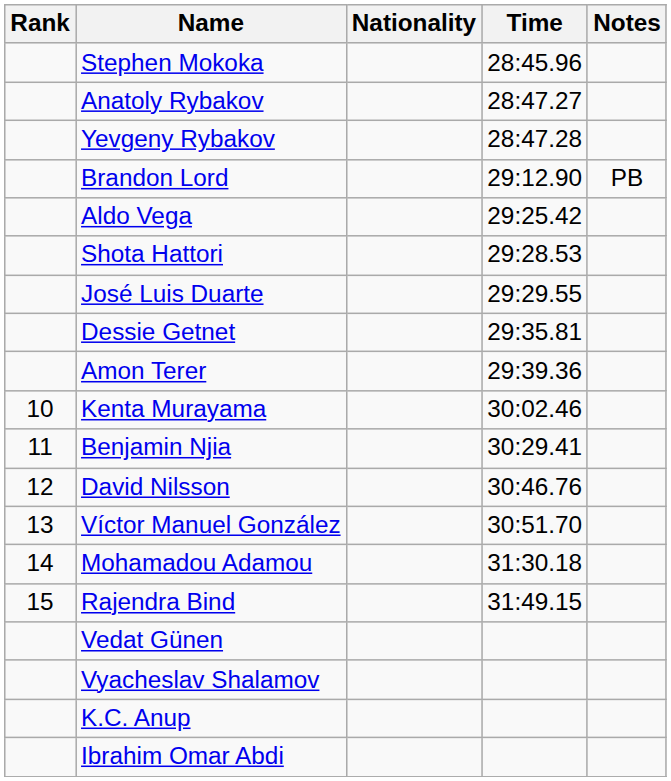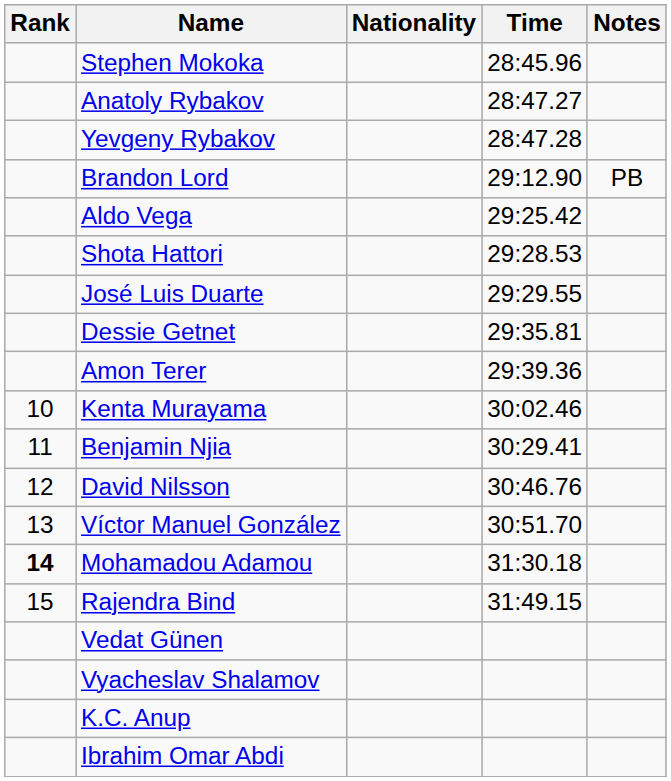 <table class="wikitable sortable" style="text-align:center">
 <tr>
 <th>Rank</th>
 <th>Name</th>
 <th>Nationality</th>
 <th>Time</th>
 <th>Notes</th>
 </tr>
 <tr>
 <td></td>
 <td align=left><a href='#'>Stephen Mokoka</a></td>
 <td align=left></td>
 <td>28:45.96</td>
 <td></td>
 </tr>
 <tr>
 <td></td>
 <td align=left><a href='#'>Anatoly Rybakov</a></td>
 <td align=left></td>
 <td>28:47.27</td>
 <td></td>
 </tr>
 <tr>
 <td></td>
 <td align=left><a href='#'>Yevgeny Rybakov</a></td>
 <td align=left></td>
 <td>28:47.28</td>
 <td></td>
 </tr>
 <tr>
 <td></td>
 <td align=left><a href='#'>Brandon Lord</a></td>
 <td align=left></td>
 <td>29:12.90</td>
 <td>PB</td>
 </tr>
 <tr>
 <td></td>
 <td align=left><a href='#'>Aldo Vega</a></td>
 <td align=left></td>
 <td>29:25.42</td>
 <td></td>
 </tr>
 <tr>
 <td></td>
 <td align=left><a href='#'>Shota Hattori</a></td>
 <td align=left></td>
 <td>29:28.53</td>
 <td></td>
 </tr>
 <tr>
 <td></td>
 <td align=left><a href='#'>José Luis Duarte</a></td>
 <td align=left></td>
 <td>29:29.55</td>
 <td></td>
 </tr>
 <tr>
 <td></td>
 <td align=left><a href='#'>Dessie Getnet</a></td>
 <td align=left></td>
 <td>29:35.81</td>
 <td></td>
 </tr>
 <tr>
 <td></td>
 <td align=left><a href='#'>Amon Terer</a></td>
 <td align=left></td>
 <td>29:39.36</td>
 <td></td>
 </tr>
 <tr>
 <td>10</td>
 <td align=left><a href='#'>Kenta Murayama</a></td>
 <td align=left></td>
 <td>30:02.46</td>
 <td></td>
 </tr>
 <tr>
 <td>11</td>
 <td align=left><a href='#'>Benjamin Njia</a></td>
 <td align=left></td>
 <td>30:29.41</td>
 <td></td>
 </tr>
 <tr>
 <td>12</td>
 <td align=left><a href='#'>David Nilsson</a></td>
 <td align=left></td>
 <td>30:46.76</td>
 <td></td>
 </tr>
 <tr>
 <td>13</td>
 <td align=left><a href='#'>Víctor Manuel González</a></td>
 <td align=left></td>
 <td>30:51.70</td>
 <td></td>
 </tr>
 <tr>
-<td>14</td>
+<td><strong>14</strong></td>
 <td align=left><a href='#'>Mohamadou Adamou</a></td>
 <td align=left></td>
 <td>31:30.18</td>
 <td></td>
 </tr>
 <tr>
 <td>15</td>
 <td align=left><a href='#'>Rajendra Bind</a></td>
 <td align=left></td>
 <td>31:49.15</td>
 <td></td>
 </tr>
 <tr>
 <td></td>
 <td align=left><a href='#'>Vedat Günen</a></td>
 <td align=left></td>
 <td></td>
 <td></td>
 </tr>
 <tr>
 <td></td>
 <td align=left><a href='#'>Vyacheslav Shalamov</a></td>
 <td align=left></td>
 <td></td>
 <td></td>
 </tr>
 <tr>
 <td></td>
 <td align=left><a href='#'>K.C. Anup</a></td>
 <td align=left></td>
 <td></td>
 <td></td>
 </tr>
 <tr>
 <td></td>
 <td align=left><a href='#'>Ibrahim Omar Abdi</a></td>
 <td align=left></td>
 <td></td>
 <td></td>
 </tr>
 <tr>
 </tr>
 </table>
